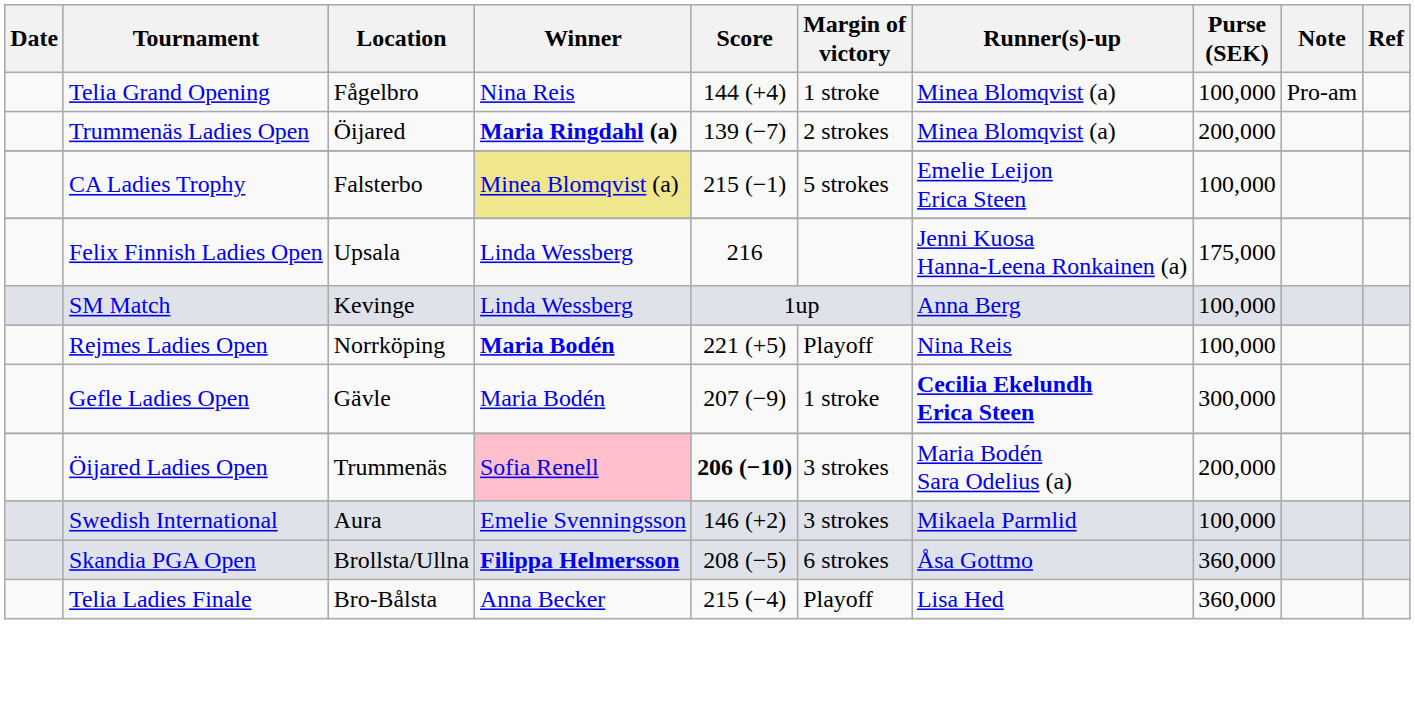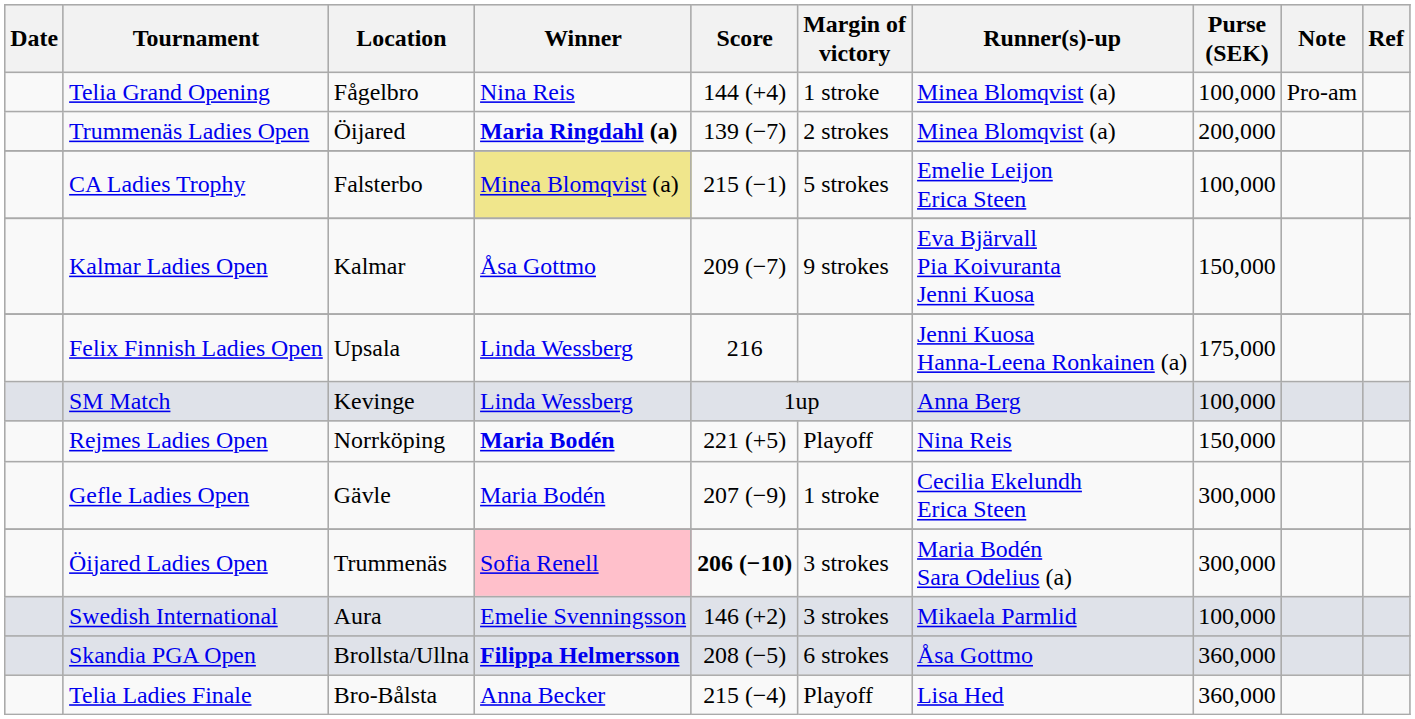 <table class="wikitable" style="font-size:95%;">
 <tr>
 <th>Date</th>
 <th>Tournament</th>
 <th>Location</th>
 <th>Winner</th>
 <th>Score</th>
 <th>Margin of<br>victory</th>
 <th>Runner(s)-up</th>
 <th>Purse<br>(SEK)</th>
 <th>Note</th>
 <th>Ref</th>
 </tr>
 <tr>
 <td></td>
 <td><a href='#'>Telia Grand Opening</a></td>
 <td>Fågelbro</td>
 <td> <a href='#'>Nina Reis</a></td>
 <td align=center>144 (+4)</td>
 <td>1 stroke</td>
 <td> <a href='#'>Minea Blomqvist</a> (a)</td>
 <td align=right>100,000</td>
 <td>Pro-am</td>
 <td></td>
 </tr>
 <tr>
 <td></td>
 <td><a href='#'>Trummenäs Ladies Open</a></td>
 <td>Öijared</td>
 <td><strong> <a href='#'>Maria Ringdahl</a> (a)</strong></td>
 <td align=center>139 (−7)</td>
 <td>2 strokes</td>
 <td> <a href='#'>Minea Blomqvist</a> (a)</td>
 <td align=right>200,000</td>
 <td></td>
 <td></td>
 </tr>
 <tr style="background:#dfe2e9;">
 </tr>
 <tr>
 <td></td>
 <td><a href='#'>CA Ladies Trophy</a></td>
 <td>Falsterbo</td>
 <td style="background: khaki;"> <a href='#'>Minea Blomqvist</a> (a)</td>
 <td align=center>215 (−1)</td>
 <td>5 strokes</td>
 <td> <a href='#'>Emelie Leijon</a><br> <a href='#'>Erica Steen</a></td>
 <td align=right>100,000</td>
 <td></td>
 <td></td>
 </tr>
 <tr style="background:#dfe2e9;">
 </tr>
+<tr>
+<td></td>
+<td><a href='#'>Kalmar Ladies Open</a></td>
+<td>Kalmar</td>
+<td> <a href='#'>Åsa Gottmo</a></td>
+<td align=center>209 (−7)</td>
+<td>9 strokes</td>
+<td> <a href='#'>Eva Bjärvall</a><br> <a href='#'>Pia Koivuranta</a><br> <a href='#'>Jenni Kuosa</a></td>
+<td align=right>150,000</td>
+<td></td>
+<td></td>
+</tr>
 <tr style="background:#dfe2e9;">
 </tr>
 <tr>
 <td></td>
 <td><a href='#'>Felix Finnish Ladies Open</a></td>
 <td>Upsala</td>
 <td> <a href='#'>Linda Wessberg</a></td>
 <td align=center>216</td>
 <td></td>
 <td> <a href='#'>Jenni Kuosa</a><br> <a href='#'>Hanna-Leena Ronkainen</a> (a)</td>
 <td align=right>175,000</td>
 <td></td>
 <td></td>
 </tr>
 <tr style="background:#dfe2e9;">
 <td></td>
 <td><a href='#'>SM Match</a></td>
 <td>Kevinge</td>
 <td> <a href='#'>Linda Wessberg</a></td>
 <td colspan=2 align=center>1up</td>
 <td> <a href='#'>Anna Berg</a></td>
 <td align=right>100,000</td>
 <td></td>
 <td></td>
 </tr>
 <tr>
 <td></td>
 <td><a href='#'>Rejmes Ladies Open</a></td>
 <td>Norrköping</td>
 <td><strong> <a href='#'>Maria Bodén</a></strong></td>
 <td align=center>221 (+5)</td>
 <td>Playoff</td>
 <td> <a href='#'>Nina Reis</a></td>
-<td align=right>100,000</td>
+<td align=right>150,000</td>
 <td></td>
 <td></td>
 </tr>
 <tr>
 <td></td>
 <td><a href='#'>Gefle Ladies Open</a></td>
 <td>Gävle</td>
 <td> <a href='#'>Maria Bodén</a></td>
 <td align=center>207 (−9)</td>
 <td>1 stroke</td>
-<td><strong> <a href='#'>Cecilia Ekelundh</a><br> <a href='#'>Erica Steen</a></strong></td>
+<td> <a href='#'>Cecilia Ekelundh</a><br> <a href='#'>Erica Steen</a></td>
 <td align=right>300,000</td>
 <td></td>
 <td></td>
 </tr>
 <tr style="background:#dfe2e9;">
 </tr>
 <tr>
 <td></td>
 <td><a href='#'>Öijared Ladies Open</a></td>
 <td>Trummenäs</td>
 <td style="background: pink;"> <a href='#'>Sofia Renell</a></td>
 <td align=center><strong>206 (−10)</strong></td>
 <td>3 strokes</td>
 <td> <a href='#'>Maria Bodén</a><br> <a href='#'>Sara Odelius</a> (a)</td>
-<td align=right>200,000</td>
+<td align=right>300,000</td>
 <td></td>
 <td></td>
 </tr>
 <tr style="background:#dfe2e9;">
 <td></td>
 <td><a href='#'>Swedish International</a></td>
 <td>Aura</td>
 <td> <a href='#'>Emelie Svenningsson</a></td>
 <td align=center>146 (+2)</td>
 <td>3 strokes</td>
 <td> <a href='#'>Mikaela Parmlid</a></td>
 <td align=right>100,000</td>
 <td></td>
 <td></td>
 </tr>
 <tr style="background:#dfe2e9;">
 <td></td>
 <td><a href='#'>Skandia PGA Open</a></td>
 <td>Brollsta/Ullna</td>
 <td><strong> <a href='#'>Filippa Helmersson</a></strong></td>
 <td align=center>208 (−5)</td>
 <td>6 strokes</td>
 <td> <a href='#'>Åsa Gottmo</a></td>
 <td align=right>360,000</td>
 <td></td>
 <td></td>
 </tr>
 <tr>
 <td></td>
 <td><a href='#'>Telia Ladies Finale</a></td>
 <td>Bro-Bålsta</td>
 <td> <a href='#'>Anna Becker</a></td>
 <td align=center>215 (−4)</td>
 <td>Playoff</td>
 <td> <a href='#'>Lisa Hed</a></td>
 <td align=right>360,000</td>
 <td></td>
 <td></td>
 </tr>
 </table>
